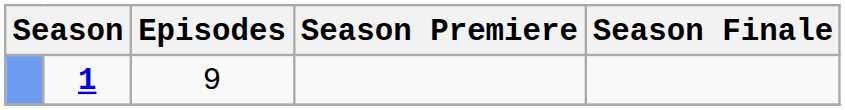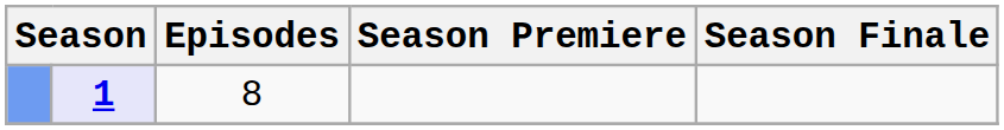 <table class="wikitable">
 <tr>
 <th colspan="2">Season</th>
 <th>Episodes</th>
 <th>Season Premiere</th>
 <th>Season Finale</th>
 </tr>
 <tr>
 <td style="background:#6D9BF1; height:5px;"></td>
-<td style="text-align:center;"><strong><a href='#'>1</a></strong></td>
-<td style="text-align:center;">9</td>
+<td style="background: lavender; text-align:center;"><strong><a href='#'>1</a></strong></td>
+<td style="text-align:center;">8</td>
 <td style="text-align:center;"></td>
 <td style="text-align:center;"></td>
 </tr>
 <tr>
 </tr>
 </table>
